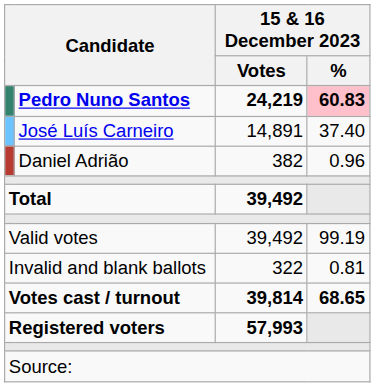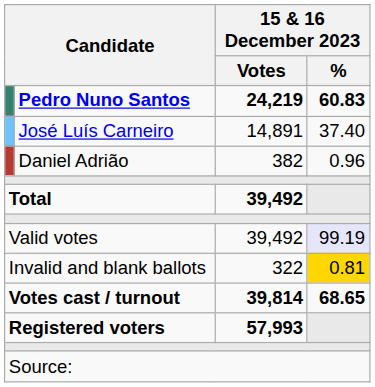 <table class="wikitable" style="text-align:right; font-size:97%;">
 <tr>
 <th rowspan="2" colspan="2" width="170">Candidate</th>
 <th colspan="2">15 & 16 December 2023</th>
 </tr>
 <tr>
 <th width="70">Votes</th>
 <th width="45">%</th>
 </tr>
 <tr>
 <td style="color:inherit;background:#32826e"></td>
 <td align="left"><strong><a href='#'>Pedro Nuno Santos</a></strong></td>
 <td><strong>24,219</strong></td>
-<td style="background: pink;"><strong>60.83</strong></td>
+<td><strong>60.83</strong></td>
 </tr>
 <tr>
 <td width="1" style="color:inherit;background:#6BC4FF"></td>
 <td align="left"><a href='#'>José Luís Carneiro</a></td>
 <td>14,891</td>
 <td>37.40</td>
 </tr>
 <tr>
 <td style="color:inherit;background:#b73b31"></td>
 <td align="left">Daniel Adrião</td>
 <td>382</td>
 <td>0.96</td>
 </tr>
 <tr>
 <td colspan="4" bgcolor="#E9E9E9"></td>
 </tr>
 <tr style="font-weight:bold;">
 <td align="left" colspan="2">Total</td>
 <td>39,492</td>
 <td bgcolor="#E9E9E9"></td>
 </tr>
 <tr>
 <td colspan="4" bgcolor="#E9E9E9"></td>
 </tr>
 <tr>
 <td align="left" colspan="2">Valid votes</td>
 <td>39,492</td>
-<td>99.19</td>
+<td style="background: lavender;">99.19</td>
 </tr>
 <tr>
 <td align="left" colspan="2">Invalid and blank ballots</td>
 <td>322</td>
-<td>0.81</td>
+<td style="background: gold;">0.81</td>
 </tr>
 <tr style="font-weight:bold;">
 <td align="left" colspan="2">Votes cast / turnout</td>
 <td>39,814</td>
 <td>68.65</td>
 </tr>
 <tr style="font-weight:bold;">
 <td align="left" colspan="2">Registered voters</td>
 <td>57,993</td>
 <td bgcolor="#E9E9E9"></td>
 </tr>
 <tr>
 <td colspan="4" bgcolor="#E9E9E9"></td>
 </tr>
 <tr>
 <td align="left" colspan="6">Source:</td>
 </tr>
 </table>
